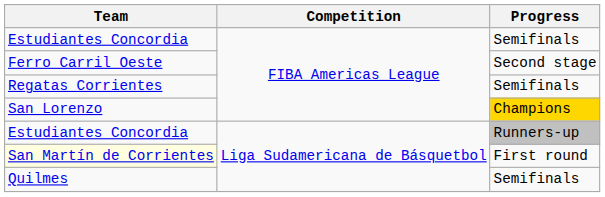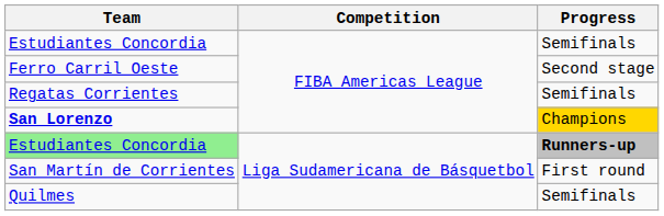 <table class="wikitable">
 <tr>
 <th>Team</th>
 <th>Competition</th>
 <th>Progress</th>
 </tr>
 <tr>
 <td><a href='#'>Estudiantes Concordia</a></td>
 <td rowspan="4" align="center"><a href='#'>FIBA Americas League</a></td>
 <td>Semifinals</td>
 </tr>
 <tr>
 <td><a href='#'>Ferro Carril Oeste</a></td>
 <td>Second stage</td>
 </tr>
 <tr>
 <td><a href='#'>Regatas Corrientes</a></td>
 <td>Semifinals</td>
 </tr>
 <tr>
-<td><a href='#'>San Lorenzo</a></td>
+<td><strong><a href='#'>San Lorenzo</a></strong></td>
 <td bgcolor=gold>Champions</td>
 </tr>
 <tr>
-<td><a href='#'>Estudiantes Concordia</a></td>
+<td style="background: lightgreen;"><a href='#'>Estudiantes Concordia</a></td>
 <td rowspan=3 align=center><a href='#'>Liga Sudamericana de Básquetbol</a></td>
-<td bgcolor=#C0C0C0>Runners-up</td>
+<td bgcolor=#C0C0C0><strong>Runners-up</strong></td>
 </tr>
 <tr>
-<td style="background: lightyellow;"><a href='#'>San Martín de Corrientes</a></td>
+<td><a href='#'>San Martín de Corrientes</a></td>
 <td>First round</td>
 </tr>
 <tr>
 <td><a href='#'>Quilmes</a></td>
 <td>Semifinals</td>
 </tr>
 </table>
